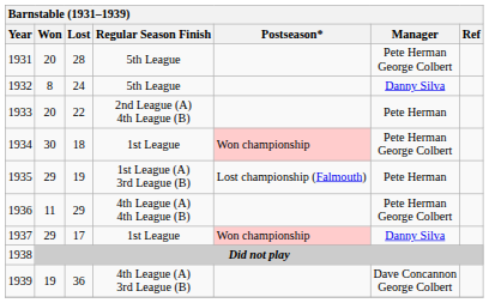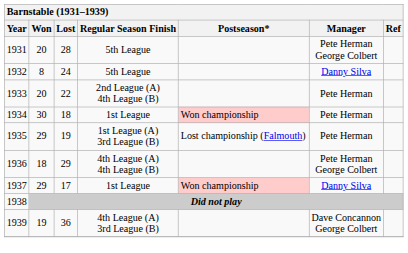 <table class="wikitable" style="margin-right: 30px; text-align:center">
 <tr>
 <th style="text-align:left" colspan="7"><strong><span>Barnstable (1931–1939)</span></strong></th>
 </tr>
 <tr>
 <th>Year</th>
 <th>Won</th>
 <th>Lost</th>
 <th>Regular Season Finish</th>
 <th scope="col" style="width: 200px; ">Postseason*</th>
 <th>Manager</th>
 <th>Ref</th>
 </tr>
 <tr>
 <td>1931</td>
 <td>20</td>
 <td>28</td>
 <td>5th League</td>
 <td></td>
 <td>Pete Herman<br>George Colbert</td>
 <td></td>
 </tr>
 <tr>
 <td>1932</td>
 <td>8</td>
 <td>24</td>
 <td>5th League</td>
 <td></td>
 <td><a href='#'>Danny Silva</a></td>
 <td></td>
 </tr>
 <tr>
 <td>1933</td>
 <td>20</td>
 <td>22</td>
 <td>2nd League (A)<br>4th League (B)</td>
 <td></td>
 <td>Pete Herman</td>
 <td><br></td>
 </tr>
 <tr>
 <td>1934</td>
 <td>30</td>
 <td>18</td>
 <td>1st League</td>
 <td style="text-align:left" bgcolor=#ffcccc>Won championship</td>
-<td>Pete Herman<br>George Colbert</td>
+<td>Pete Herman</td>
 <td></td>
 </tr>
 <tr>
 <td>1935</td>
 <td>29</td>
 <td>19</td>
 <td>1st League (A)<br>3rd League (B)</td>
 <td style="text-align:left">Lost championship (<a href='#'>Falmouth</a>)</td>
 <td>Pete Herman</td>
 <td><br></td>
 </tr>
 <tr>
 <td>1936</td>
-<td>11</td>
+<td>18</td>
 <td>29</td>
 <td>4th League (A)<br>4th League (B)</td>
 <td></td>
 <td>Pete Herman<br>George Colbert</td>
 <td></td>
 </tr>
 <tr>
 <td>1937</td>
 <td>29</td>
 <td>17</td>
 <td>1st League</td>
 <td style="text-align:left" bgcolor=#ffcccc>Won championship</td>
 <td><a href='#'>Danny Silva</a></td>
 <td></td>
 </tr>
 <tr>
 <td>1938</td>
 <td colspan="6" align="center" bgcolor=#cccccc><strong><em>Did not play</em></strong></td>
 </tr>
 <tr>
 <td>1939</td>
 <td>19</td>
 <td>36</td>
 <td>4th League (A)<br>3rd League (B)</td>
 <td></td>
 <td>Dave Concannon<br>George Colbert</td>
 <td></td>
 </tr>
 <tr>
 </tr>
 </table>
